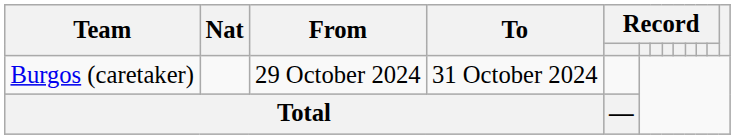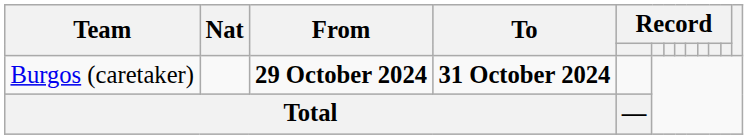 <table class="wikitable" style="text-align: center">
 <tr>
 <th rowspan="2">Team</th>
 <th rowspan="2">Nat</th>
 <th rowspan="2">From</th>
 <th rowspan="2">To</th>
 <th colspan="8">Record</th>
 <th rowspan=2></th>
 </tr>
 <tr>
 <th></th>
 <th></th>
 <th></th>
 <th></th>
 <th></th>
 <th></th>
 <th></th>
 <th></th>
 </tr>
 <tr>
 <td align=left><a href='#'>Burgos</a> (caretaker)</td>
 <td></td>
-<td align=left>29 October 2024</td>
-<td align=left>31 October 2024<br></td>
+<td align=left><strong>29 October 2024</strong></td>
+<td align=left><strong>31 October 2024<br></strong></td>
 <td></td>
 </tr>
 <tr>
 <th colspan="4">Total<br></th>
 <th>—</th>
 </tr>
 </table>
